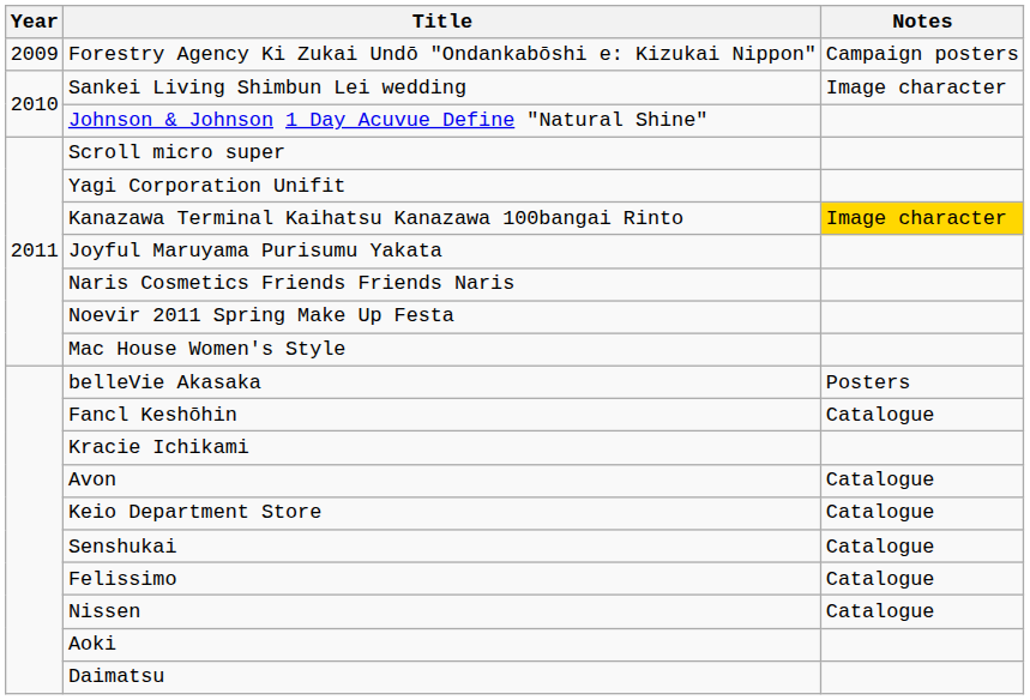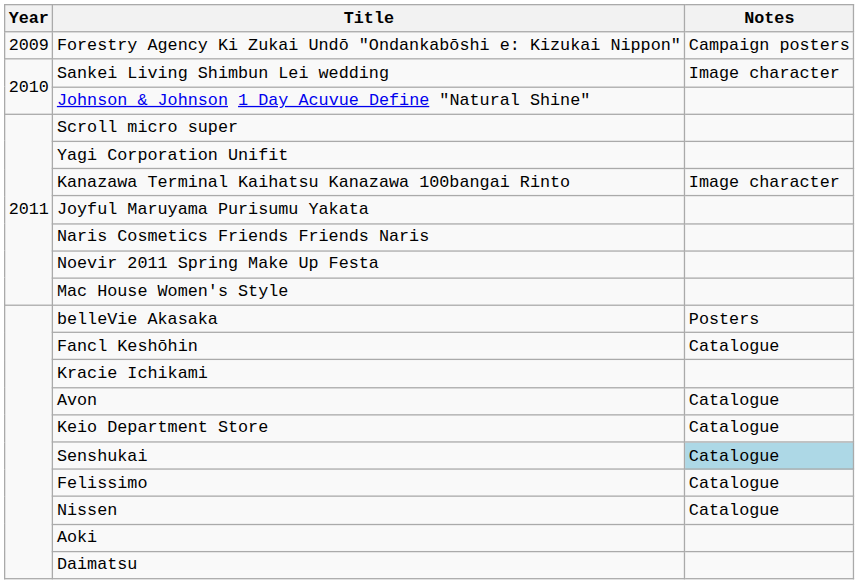 <table class="wikitable">
 <tr>
 <th>Year</th>
 <th>Title</th>
 <th>Notes</th>
 </tr>
 <tr>
 <td>2009</td>
 <td>Forestry Agency Ki Zukai Undō "Ondankabōshi e: Kizukai Nippon"</td>
 <td>Campaign posters</td>
 </tr>
 <tr>
 <td rowspan="2">2010</td>
 <td>Sankei Living Shimbun Lei wedding</td>
 <td>Image character</td>
 </tr>
 <tr>
 <td><a href='#'>Johnson & Johnson</a> <a href='#'>1 Day Acuvue Define</a> "Natural Shine"</td>
 <td></td>
 </tr>
 <tr>
 <td rowspan="7">2011</td>
 <td>Scroll micro super</td>
 <td></td>
 </tr>
 <tr>
 <td>Yagi Corporation Unifit</td>
 <td></td>
 </tr>
 <tr>
 <td>Kanazawa Terminal Kaihatsu Kanazawa 100bangai Rinto</td>
-<td style="background: gold;">Image character</td>
+<td>Image character</td>
 </tr>
 <tr>
 <td>Joyful Maruyama Purisumu Yakata</td>
 <td></td>
 </tr>
 <tr>
 <td>Naris Cosmetics Friends Friends Naris</td>
 <td></td>
 </tr>
 <tr>
 <td>Noevir 2011 Spring Make Up Festa</td>
 <td></td>
 </tr>
 <tr>
 <td>Mac House Women's Style</td>
 <td></td>
 </tr>
 <tr>
 <td rowspan="10"></td>
 <td>belleVie Akasaka</td>
 <td>Posters</td>
 </tr>
 <tr>
 <td>Fancl Keshōhin</td>
 <td>Catalogue</td>
 </tr>
 <tr>
 <td>Kracie Ichikami</td>
 <td></td>
 </tr>
 <tr>
 <td>Avon</td>
 <td>Catalogue</td>
 </tr>
 <tr>
 <td>Keio Department Store</td>
 <td>Catalogue</td>
 </tr>
 <tr>
 <td>Senshukai</td>
-<td>Catalogue</td>
+<td style="background: lightblue;">Catalogue</td>
 </tr>
 <tr>
 <td>Felissimo</td>
 <td>Catalogue</td>
 </tr>
 <tr>
 <td>Nissen</td>
 <td>Catalogue</td>
 </tr>
 <tr>
 <td>Aoki</td>
 <td></td>
 </tr>
 <tr>
 <td>Daimatsu</td>
 <td></td>
 </tr>
 </table>
